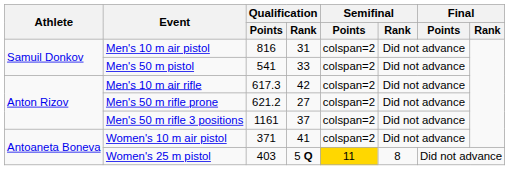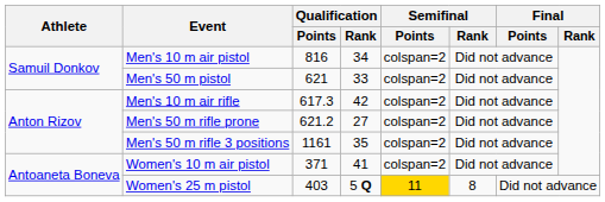 <table class="wikitable" style="font-size:90%">
 <tr>
 <th rowspan="2">Athlete</th>
 <th rowspan="2">Event</th>
 <th colspan=2>Qualification</th>
 <th colspan=2>Semifinal</th>
 <th colspan=2>Final</th>
 </tr>
 <tr style="font-size:95%">
 <th>Points</th>
 <th>Rank</th>
 <th>Points</th>
 <th>Rank</th>
 <th>Points</th>
 <th>Rank</th>
 </tr>
 <tr align=center>
 <td align=left rowspan=2><a href='#'>Samuil Donkov</a></td>
 <td align=left><a href='#'>Men's 10 m air pistol</a></td>
 <td>816</td>
-<td>31</td>
+<td>34</td>
 <td>colspan=2 </td>
 <td colspan=2>Did not advance</td>
 </tr>
 <tr align=center>
 <td align=left><a href='#'>Men's 50 m pistol</a></td>
-<td>541</td>
+<td>621</td>
 <td>33</td>
 <td>colspan=2 </td>
 <td colspan=2>Did not advance</td>
 </tr>
 <tr align=center>
 <td align=left rowspan=3><a href='#'>Anton Rizov</a></td>
 <td align=left><a href='#'>Men's 10 m air rifle</a></td>
 <td>617.3</td>
 <td>42</td>
 <td>colspan=2 </td>
 <td colspan=2>Did not advance</td>
 </tr>
 <tr align=center>
 <td align=left><a href='#'>Men's 50 m rifle prone</a></td>
 <td>621.2</td>
 <td>27</td>
 <td>colspan=2 </td>
 <td colspan=2>Did not advance</td>
 </tr>
 <tr align="center">
 <td align=left><a href='#'>Men's 50 m rifle 3 positions</a></td>
 <td>1161</td>
-<td>37</td>
+<td>35</td>
 <td>colspan=2 </td>
 <td colspan="2">Did not advance</td>
 </tr>
 <tr align=center>
 <td align=left rowspan=2><a href='#'>Antoaneta Boneva</a></td>
 <td align=left><a href='#'>Women's 10 m air pistol</a></td>
 <td>371</td>
 <td>41</td>
 <td>colspan=2 </td>
 <td colspan=2>Did not advance</td>
 </tr>
 <tr align=center>
 <td align=left><a href='#'>Women's 25 m pistol</a></td>
 <td>403</td>
 <td>5 <strong>Q</strong></td>
 <td style="background: gold;">11</td>
 <td>8</td>
 <td colspan=2>Did not advance</td>
 </tr>
 </table>
